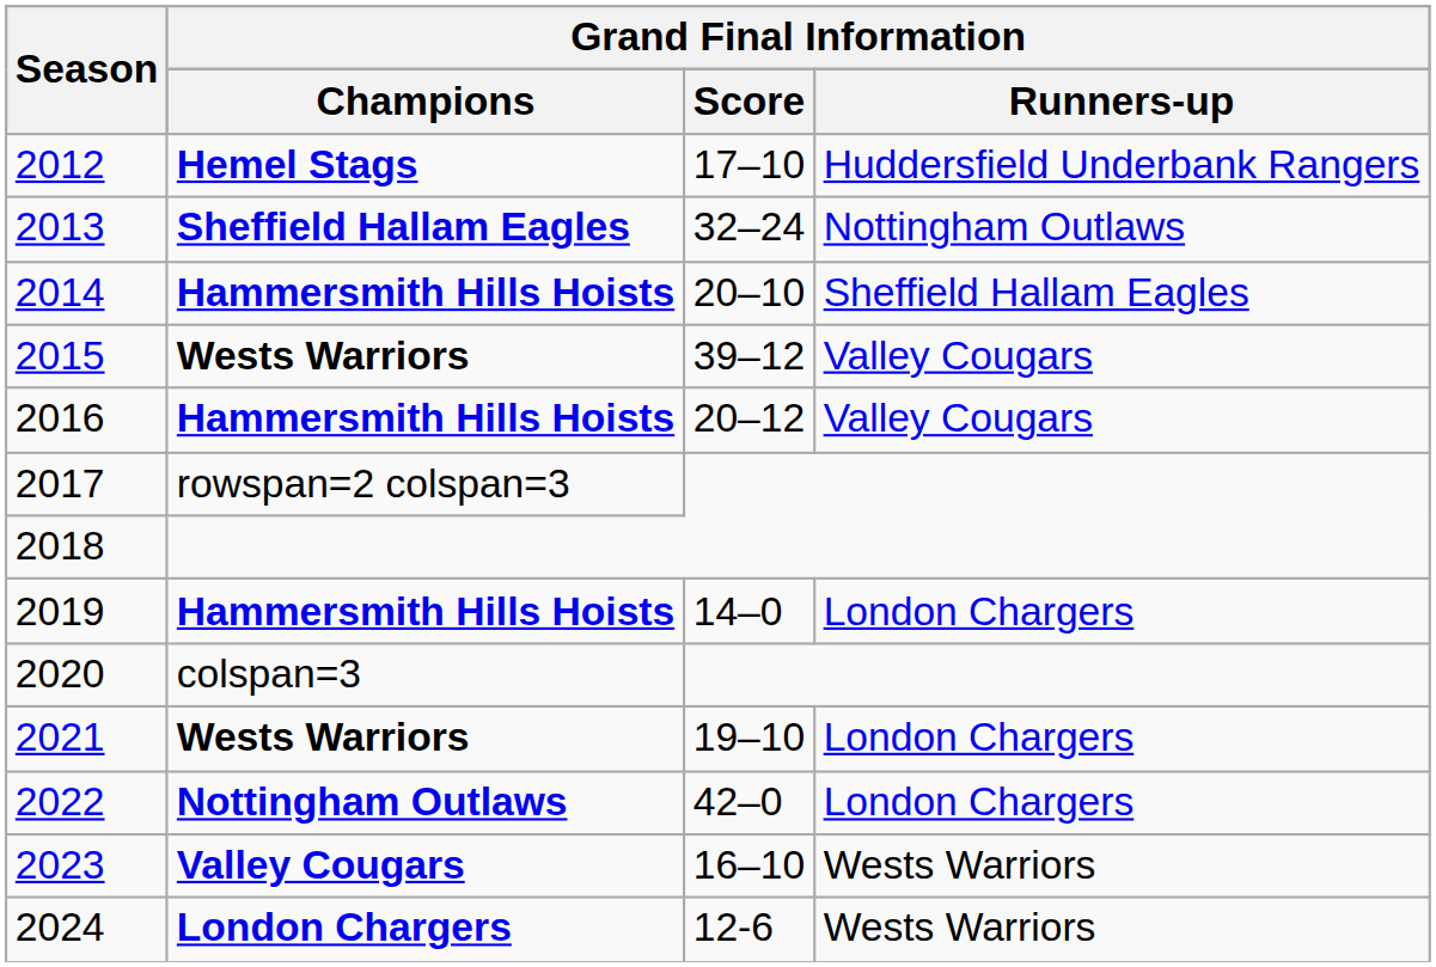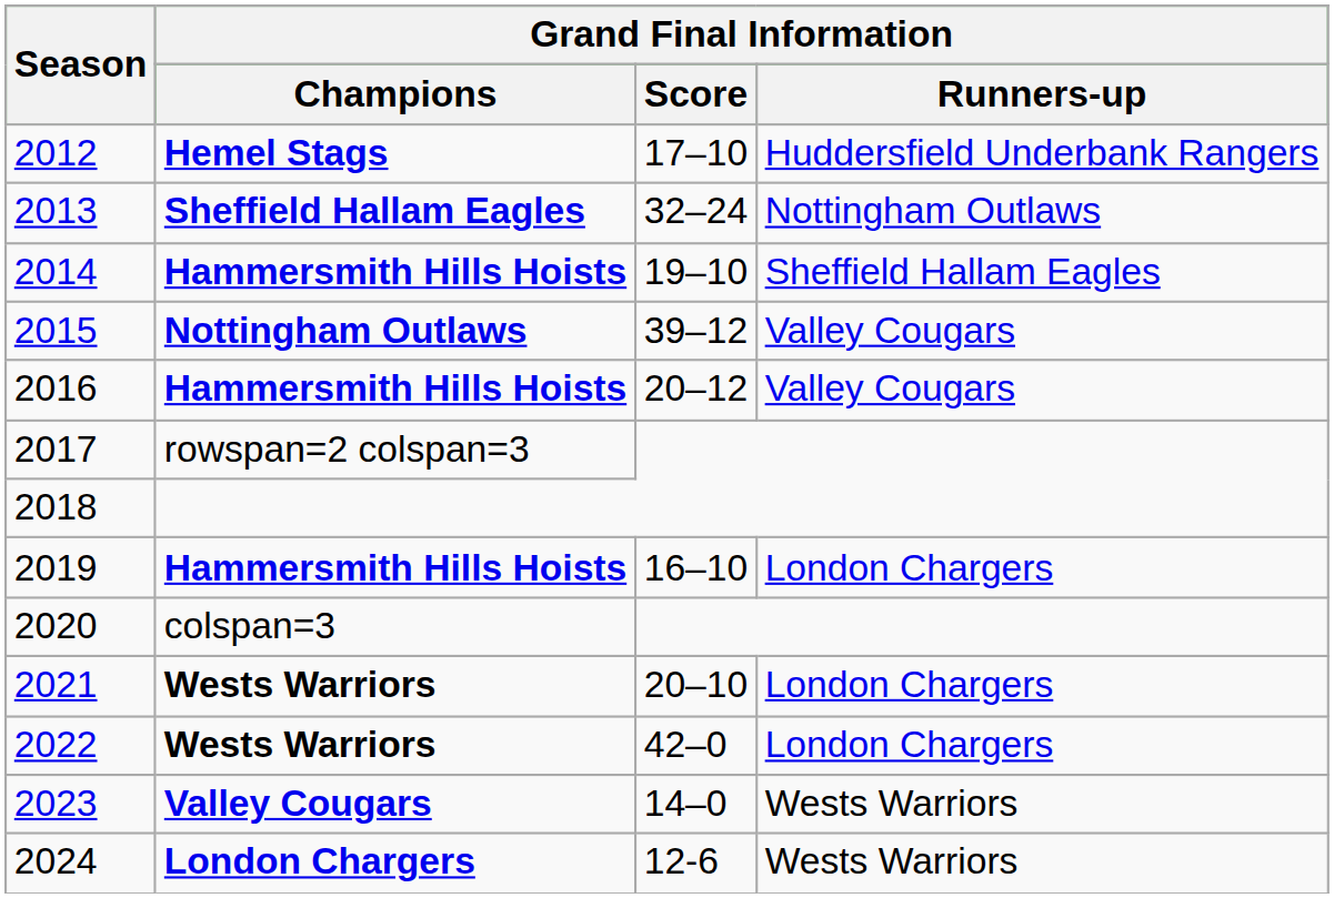 <table class="wikitable" style="text-align: left;">
 <tr style="background:green;">
 <th rowspan=2 style="color:black;">Season</th>
 <th colspan=3 style="color:black;">Grand Final Information</th>
 </tr>
 <tr style="background:green;">
 <th style="color:black;" "width:200px">Champions</th>
 <th style="color:black;" "width:80px">Score</th>
 <th style="color:black;" "width:200px">Runners-up</th>
 </tr>
 <tr>
 <td><a href='#'>2012</a></td>
 <td><strong><a href='#'>Hemel Stags</a></strong></td>
 <td>17–10</td>
 <td><a href='#'>Huddersfield Underbank Rangers</a></td>
 </tr>
 <tr>
 <td><a href='#'>2013</a></td>
 <td><strong><a href='#'>Sheffield Hallam Eagles</a></strong></td>
 <td>32–24</td>
 <td><a href='#'>Nottingham Outlaws</a></td>
 </tr>
 <tr>
 <td><a href='#'>2014</a></td>
 <td><strong><a href='#'>Hammersmith Hills Hoists</a></strong></td>
-<td>20–10</td>
+<td>19–10</td>
 <td><a href='#'>Sheffield Hallam Eagles</a></td>
 </tr>
 <tr>
 <td><a href='#'>2015</a></td>
-<td><strong>Wests Warriors</strong></td>
+<td><strong><a href='#'>Nottingham Outlaws</a></strong></td>
 <td>39–12</td>
 <td><a href='#'>Valley Cougars</a></td>
 </tr>
 <tr>
 <td>2016</td>
 <td><strong><a href='#'>Hammersmith Hills Hoists</a></strong></td>
 <td>20–12</td>
 <td><a href='#'>Valley Cougars</a></td>
 </tr>
 <tr>
 <td>2017</td>
 <td>rowspan=2 colspan=3</td>
 </tr>
 <tr>
 <td>2018</td>
 </tr>
 <tr>
 <td>2019</td>
 <td><strong><a href='#'>Hammersmith Hills Hoists</a></strong></td>
-<td>14–0</td>
+<td>16–10</td>
 <td><a href='#'>London Chargers</a></td>
 </tr>
 <tr>
 <td>2020</td>
 <td>colspan=3</td>
 </tr>
 <tr>
 <td><a href='#'>2021</a></td>
 <td><strong>Wests Warriors</strong></td>
-<td>19–10</td>
+<td>20–10</td>
 <td><a href='#'>London Chargers</a></td>
 </tr>
 <tr>
 <td><a href='#'>2022</a></td>
-<td><strong><a href='#'>Nottingham Outlaws</a></strong></td>
+<td><strong>Wests Warriors</strong></td>
 <td>42–0</td>
 <td><a href='#'>London Chargers</a></td>
 </tr>
 <tr>
 <td><a href='#'>2023</a></td>
 <td><strong><a href='#'>Valley Cougars</a></strong></td>
-<td>16–10</td>
+<td>14–0</td>
 <td>Wests Warriors</td>
 </tr>
 <tr>
 <td>2024</td>
 <td><strong><a href='#'>London Chargers</a></strong></td>
 <td>12-6</td>
 <td>Wests Warriors</td>
 </tr>
 </table>
